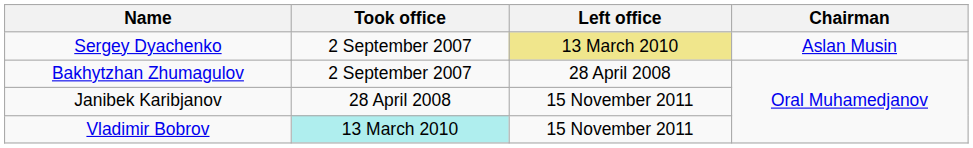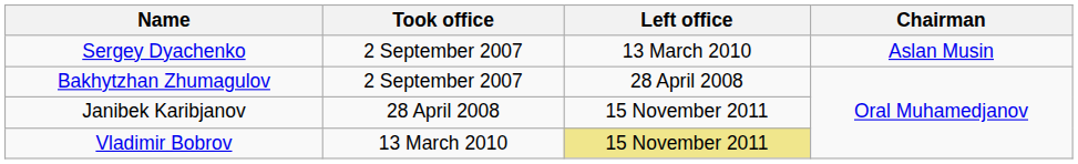 <table class="wikitable" width="70%">
 <tr>
 <th>Name</th>
 <th>Took office</th>
 <th>Left office</th>
 <th>Chairman</th>
 </tr>
 <tr>
 <td align="center"><a href='#'>Sergey Dyachenko</a></td>
 <td align="center">2 September 2007</td>
-<td align="center" style="background: khaki;">13 March 2010</td>
+<td align="center">13 March 2010</td>
 <td rowspan="2" align="center"><a href='#'>Aslan Musin</a></td>
 </tr>
 <tr>
 <td rowspan="2" align="center"><a href='#'>Bakhytzhan Zhumagulov</a></td>
 <td rowspan="2" align="center">2 September 2007</td>
 <td rowspan="2" align="center">28 April 2008</td>
 </tr>
 <tr>
 <td rowspan="3" align="center"><a href='#'>Oral Muhamedjanov</a></td>
 </tr>
 <tr>
 <td align="center">Janibek Karibjanov</td>
 <td align="center">28 April 2008</td>
 <td align="center">15 November 2011</td>
 </tr>
 <tr>
 <td align="center"><a href='#'>Vladimir Bobrov</a></td>
-<td align="center" style="background: paleturquoise;">13 March 2010</td>
-<td align="center">15 November 2011</td>
+<td align="center">13 March 2010</td>
+<td align="center" style="background: khaki;">15 November 2011</td>
 </tr>
 </table>
